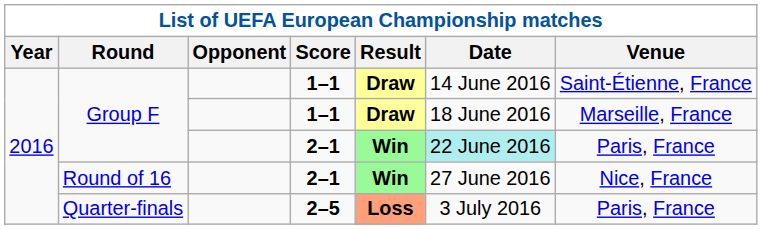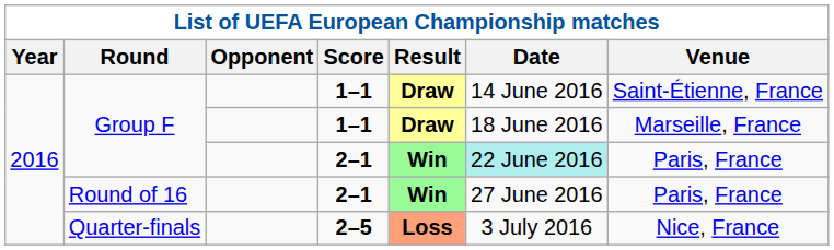 <table class="wikitable collapsible collapsed" style="text-align: center;font-size:90%;">
 <tr style="color:#02529C;">
 <th style="background:#FFFFFF;" colspan=7>List of UEFA European Championship matches</th>
 </tr>
 <tr>
 <th>Year</th>
 <th>Round</th>
 <th>Opponent</th>
 <th>Score</th>
 <th>Result</th>
 <th>Date</th>
 <th>Venue</th>
 </tr>
 <tr>
 <td rowspan=5><a href='#'>2016</a></td>
 <td rowspan=3><a href='#'>Group F</a></td>
 <td align="left"></td>
 <td><strong>1–1</strong></td>
 <td bgcolor="#FFFF99"><strong>Draw</strong></td>
 <td>14 June 2016</td>
 <td><a href='#'>Saint-Étienne</a>, <a href='#'>France</a></td>
 </tr>
 <tr>
 <td align="left"></td>
 <td><strong>1–1</strong></td>
 <td bgcolor="#FFFF99"><strong>Draw</strong></td>
 <td>18 June 2016</td>
 <td><a href='#'>Marseille</a>, <a href='#'>France</a></td>
 </tr>
 <tr>
 <td align="left"></td>
 <td><strong>2–1</strong></td>
 <td bgcolor="#98FB98"><strong>Win</strong></td>
 <td style="background: paleturquoise;">22 June 2016</td>
 <td><a href='#'>Paris</a>, <a href='#'>France</a></td>
 </tr>
 <tr>
 <td align="left"><a href='#'>Round of 16</a></td>
 <td align="left"></td>
 <td><strong>2–1</strong></td>
 <td bgcolor="#98FB98"><strong>Win</strong></td>
 <td>27 June 2016</td>
-<td><a href='#'>Nice</a>, <a href='#'>France</a></td>
+<td><a href='#'>Paris</a>, <a href='#'>France</a></td>
 </tr>
 <tr>
 <td align="left"><a href='#'>Quarter-finals</a></td>
 <td align="left"></td>
 <td><strong>2–5</strong></td>
 <td bgcolor="#FFA07A"><strong>Loss</strong></td>
 <td>3 July 2016</td>
-<td><a href='#'>Paris</a>, <a href='#'>France</a></td>
+<td><a href='#'>Nice</a>, <a href='#'>France</a></td>
 </tr>
 </table>
